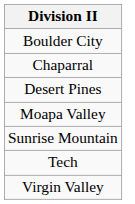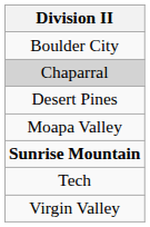 <table class="wikitable" style="text-align:center">
 <tr>
 <th>Division II</th>
 </tr>
 <tr>
 <td>Boulder City</td>
 </tr>
 <tr>
-<td>Chaparral</td>
+<td style="background: lightgrey;">Chaparral</td>
 </tr>
 <tr>
 <td>Desert Pines</td>
 </tr>
 <tr>
 <td>Moapa Valley</td>
 </tr>
 <tr>
-<td>Sunrise Mountain</td>
+<td><strong>Sunrise Mountain</strong></td>
 </tr>
 <tr>
 <td>Tech</td>
 </tr>
 <tr>
 <td>Virgin Valley</td>
 </tr>
 </table>
